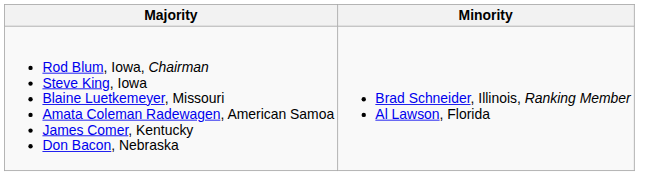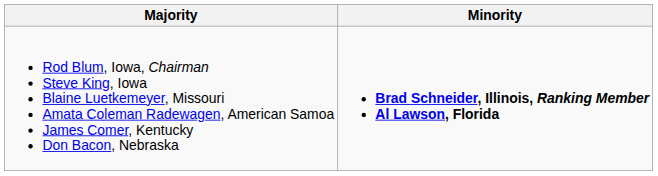 <table class=wikitable>
 <tr>
 <th>Majority</th>
 <th>Minority</th>
 </tr>
 <tr>
 <td><br><ul><li><a href='#'>Rod Blum</a>, Iowa, <em>Chairman</em></li><li><a href='#'>Steve King</a>, Iowa</li><li><a href='#'>Blaine Luetkemeyer</a>, Missouri</li><li><a href='#'>Amata Coleman Radewagen</a>, American Samoa</li><li><a href='#'>James Comer</a>, Kentucky</li><li><a href='#'>Don Bacon</a>, Nebraska</li></ul></td>
-<td><br><ul><li><a href='#'>Brad Schneider</a>, Illinois, <em>Ranking Member</em></li><li><a href='#'>Al Lawson</a>, Florida</li></ul></td>
+<td><strong><br><ul><li><a href='#'>Brad Schneider</a>, Illinois, <em>Ranking Member</em></li><li><a href='#'>Al Lawson</a>, Florida</li></ul></strong></td>
 </tr>
 </table>
